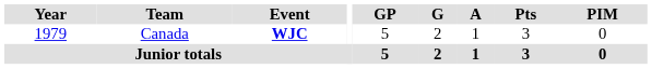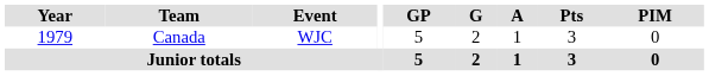 <table border="0" cellpadding="1" cellspacing="0" ID="Table3" style="text-align:center; width:40em">
 <tr bgcolor="#e0e0e0">
 <th>Year</th>
 <th>Team</th>
 <th>Event</th>
 <th rowspan="102" bgcolor="#ffffff"></th>
 <th>GP</th>
 <th>G</th>
 <th>A</th>
 <th>Pts</th>
 <th>PIM</th>
 </tr>
 <tr>
 <td><a href='#'>1979</a></td>
 <td><a href='#'>Canada</a></td>
-<td><strong><a href='#'>WJC</a></strong></td>
+<td><a href='#'>WJC</a></td>
 <td>5</td>
 <td>2</td>
 <td>1</td>
 <td>3</td>
 <td>0</td>
 </tr>
 <tr bgcolor="#e0e0e0">
 <th colspan="4">Junior totals</th>
 <th>5</th>
 <th>2</th>
 <th>1</th>
 <th>3</th>
 <th>0</th>
 </tr>
 </table>
